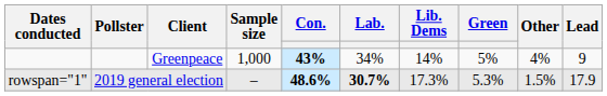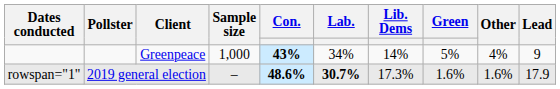 <table class="wikitable sortable mw-datatable" style="text-align:center; font-size:90%; line-height:14px;">
 <tr>
 <th rowspan="2">Dates<br>conducted</th>
 <th rowspan="2">Pollster</th>
 <th rowspan="2">Client</th>
 <th data-sort-type="number" rowspan="2">Sample<br>size</th>
 <th class="unsortable" style="width:50px;"><a href='#'>Con.</a></th>
 <th class="unsortable" style="width:50px;"><a href='#'>Lab.</a></th>
 <th class="unsortable" style="width:50px;"><a href='#'>Lib. Dems</a></th>
 <th class="unsortable" style="width:50px;"><a href='#'>Green</a></th>
 <th class="unsortable" rowspan="2">Other</th>
 <th data-sort-type="number" rowspan="2">Lead</th>
 </tr>
 <tr>
 <th data-sort-type="number" style="background:"></th>
 <th data-sort-type="number" style="background:"></th>
 <th data-sort-type="number" style="background:"></th>
 <th data-sort-type="number" style="background:"></th>
 </tr>
 <tr>
 <td></td>
 <td></td>
 <td><a href='#'>Greenpeace</a></td>
 <td>1,000</td>
 <td style="background:#CCEBFF;"><strong>43%</strong></td>
 <td>34%</td>
 <td>14%</td>
 <td>5%</td>
 <td>4%</td>
 <td style="background:">9</td>
 </tr>
 <tr style="background:#e9e9e9;">
 <td>rowspan="1" </td>
 <td colspan="2"><a href='#'>2019 general election</a></td>
 <td>–</td>
 <td style="background:#CCEBFF;"><strong>48.6%</strong></td>
 <td><strong>30.7%</strong></td>
 <td>17.3%</td>
-<td>5.3%</td>
-<td>1.5%</td>
+<td>1.6%</td>
+<td>1.6%</td>
 <td style="background:">17.9</td>
 </tr>
 </table>
